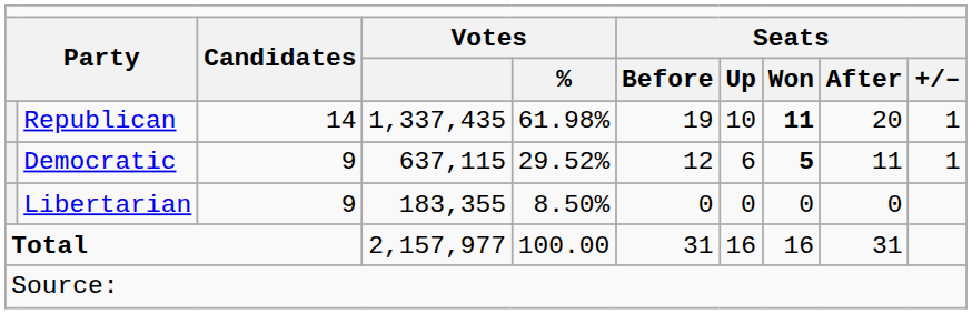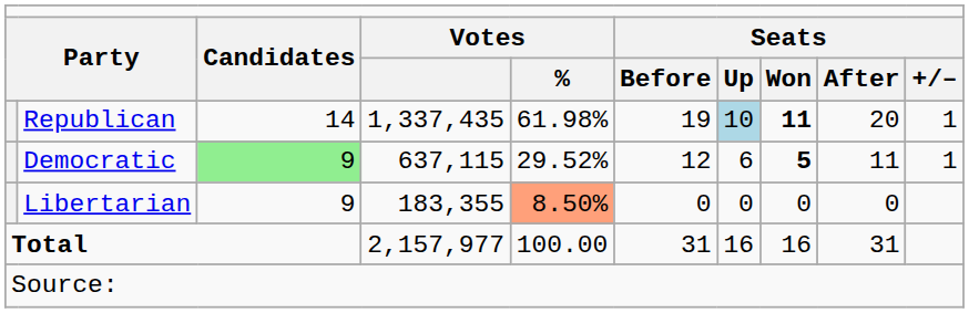 <table class="wikitable">
 <tr>
 <td colspan="15" align="center"></td>
 </tr>
 <tr>
 <th colspan="2" rowspan="2">Party</th>
 <th rowspan="2">Candidates</th>
 <th colspan="2">Votes</th>
 <th colspan="5">Seats</th>
 </tr>
 <tr>
 <th></th>
 <th>%</th>
 <th>Before</th>
 <th>Up</th>
 <th>Won</th>
 <th>After</th>
 <th>+/–</th>
 </tr>
 <tr>
 <th style="background-color:"></th>
 <td><a href='#'>Republican</a></td>
 <td align="right">14</td>
 <td align="right">1,337,435</td>
 <td align="right">61.98%</td>
 <td align="right">19</td>
-<td align="right">10</td>
+<td align="right" style="background: lightblue;">10</td>
 <td align="right"><strong>11</strong></td>
 <td align="right">20</td>
 <td align="right">1</td>
 </tr>
 <tr>
 <th style="background-color:"></th>
 <td><a href='#'>Democratic</a></td>
-<td align="right">9</td>
+<td align="right" style="background: lightgreen;">9</td>
 <td align="right">637,115</td>
 <td align="right">29.52%</td>
 <td align="right">12</td>
 <td align="right">6</td>
 <td align="right"><strong>5</strong></td>
 <td align="right">11</td>
 <td align="right">1</td>
 </tr>
 <tr>
 <th style="background-color:"></th>
 <td><a href='#'>Libertarian</a></td>
 <td align="right">9</td>
 <td align="right">183,355</td>
-<td align="right">8.50%</td>
+<td align="right" style="background: lightsalmon;">8.50%</td>
 <td align="right">0</td>
 <td align="right">0</td>
 <td align="right">0</td>
 <td align="right">0</td>
 <td align="right"></td>
 </tr>
 <tr>
 <td colspan="3" align="left"><strong>Total</strong></td>
 <td align="right">2,157,977</td>
 <td align="right">100.00</td>
 <td align="right">31</td>
 <td align="right">16</td>
 <td align="right">16</td>
 <td align="right">31</td>
 <td align="right"></td>
 </tr>
 <tr>
 <td colspan="10">Source:</td>
 </tr>
 </table>
